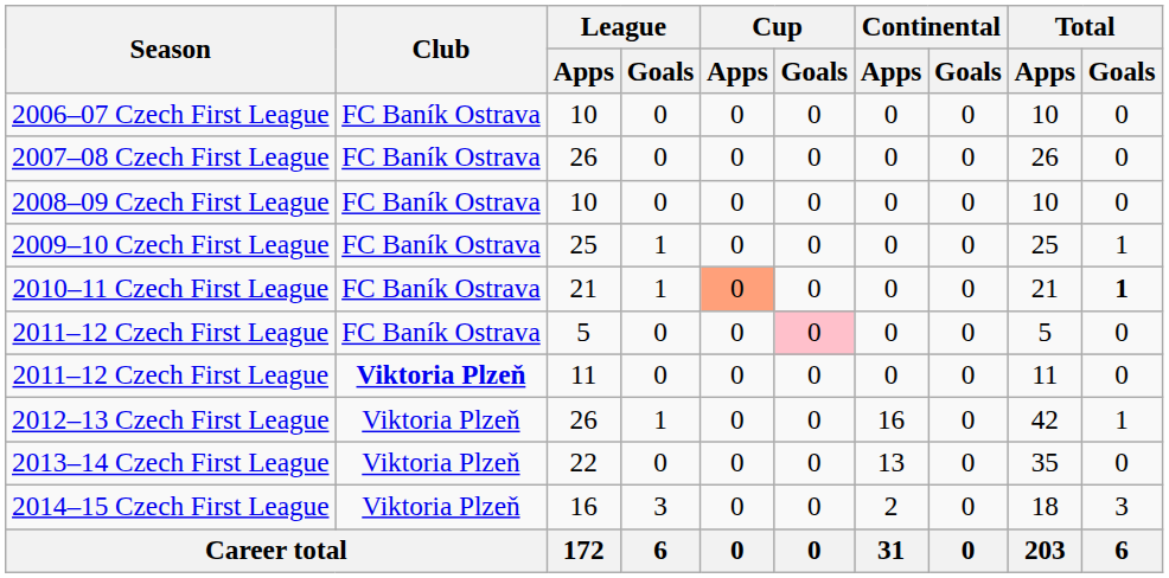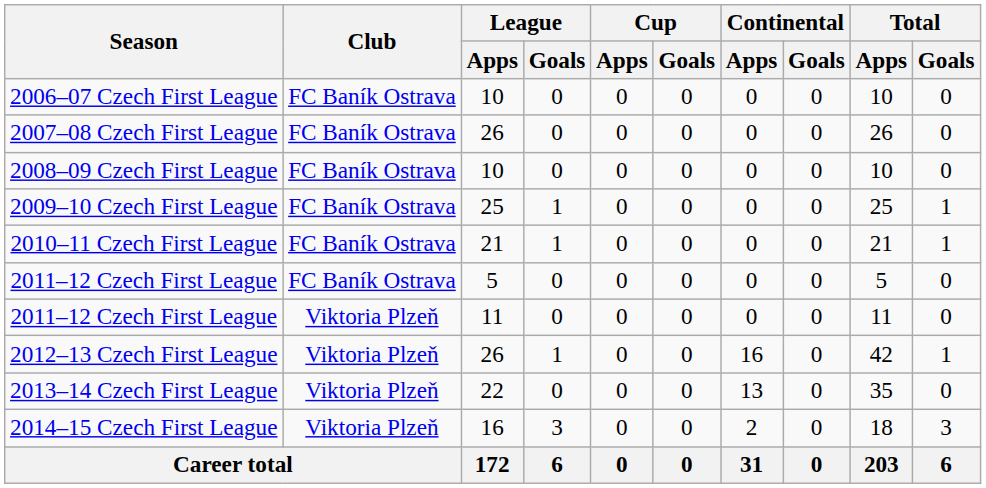 <table class="wikitable" style="text-align: center;">
 <tr>
 <th rowspan=2>Season</th>
 <th rowspan=2>Club</th>
 <th colspan=2>League</th>
 <th colspan=2>Cup</th>
 <th colspan=2>Continental</th>
 <th colspan=2>Total</th>
 </tr>
 <tr>
 <th>Apps</th>
 <th>Goals</th>
 <th>Apps</th>
 <th>Goals</th>
 <th>Apps</th>
 <th>Goals</th>
 <th>Apps</th>
 <th>Goals</th>
 </tr>
 <tr>
 <td><a href='#'>2006–07 Czech First League</a></td>
 <td><a href='#'>FC Baník Ostrava</a></td>
 <td>10</td>
 <td>0</td>
 <td>0</td>
 <td>0</td>
 <td>0</td>
 <td>0</td>
 <td>10</td>
 <td>0</td>
 </tr>
 <tr>
 <td><a href='#'>2007–08 Czech First League</a></td>
 <td><a href='#'>FC Baník Ostrava</a></td>
 <td>26</td>
 <td>0</td>
 <td>0</td>
 <td>0</td>
 <td>0</td>
 <td>0</td>
 <td>26</td>
 <td>0</td>
 </tr>
 <tr>
 <td><a href='#'>2008–09 Czech First League</a></td>
 <td><a href='#'>FC Baník Ostrava</a></td>
 <td>10</td>
 <td>0</td>
 <td>0</td>
 <td>0</td>
 <td>0</td>
 <td>0</td>
 <td>10</td>
 <td>0</td>
 </tr>
 <tr>
 <td><a href='#'>2009–10 Czech First League</a></td>
 <td><a href='#'>FC Baník Ostrava</a></td>
 <td>25</td>
 <td>1</td>
 <td>0</td>
 <td>0</td>
 <td>0</td>
 <td>0</td>
 <td>25</td>
 <td>1</td>
 </tr>
 <tr>
 <td><a href='#'>2010–11 Czech First League</a></td>
 <td><a href='#'>FC Baník Ostrava</a></td>
 <td>21</td>
 <td>1</td>
-<td style="background: lightsalmon;">0</td>
+<td>0</td>
 <td>0</td>
 <td>0</td>
 <td>0</td>
 <td>21</td>
-<td><strong>1</strong></td>
+<td>1</td>
 </tr>
 <tr>
 <td><a href='#'>2011–12 Czech First League</a></td>
 <td><a href='#'>FC Baník Ostrava</a></td>
 <td>5</td>
 <td>0</td>
 <td>0</td>
-<td style="background: pink;">0</td>
+<td>0</td>
 <td>0</td>
 <td>0</td>
 <td>5</td>
 <td>0</td>
 </tr>
 <tr>
 <td><a href='#'>2011–12 Czech First League</a></td>
-<td><strong><a href='#'>Viktoria Plzeň</a></strong></td>
+<td><a href='#'>Viktoria Plzeň</a></td>
 <td>11</td>
 <td>0</td>
 <td>0</td>
 <td>0</td>
 <td>0</td>
 <td>0</td>
 <td>11</td>
 <td>0</td>
 </tr>
 <tr>
 <td><a href='#'>2012–13 Czech First League</a></td>
 <td><a href='#'>Viktoria Plzeň</a></td>
 <td>26</td>
 <td>1</td>
 <td>0</td>
 <td>0</td>
 <td>16</td>
 <td>0</td>
 <td>42</td>
 <td>1</td>
 </tr>
 <tr>
 <td><a href='#'>2013–14 Czech First League</a></td>
 <td><a href='#'>Viktoria Plzeň</a></td>
 <td>22</td>
 <td>0</td>
 <td>0</td>
 <td>0</td>
 <td>13</td>
 <td>0</td>
 <td>35</td>
 <td>0</td>
 </tr>
 <tr>
 <td><a href='#'>2014–15 Czech First League</a></td>
 <td><a href='#'>Viktoria Plzeň</a></td>
 <td>16</td>
 <td>3</td>
 <td>0</td>
 <td>0</td>
 <td>2</td>
 <td>0</td>
 <td>18</td>
 <td>3</td>
 </tr>
 <tr>
 <th colspan="2">Career total</th>
 <th>172</th>
 <th>6</th>
 <th>0</th>
 <th>0</th>
 <th>31</th>
 <th>0</th>
 <th>203</th>
 <th>6</th>
 </tr>
 </table>
